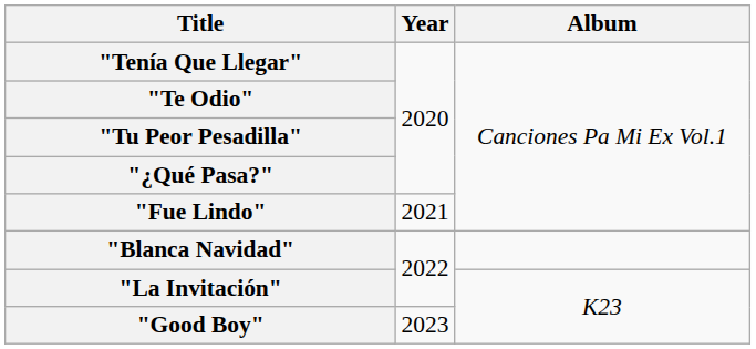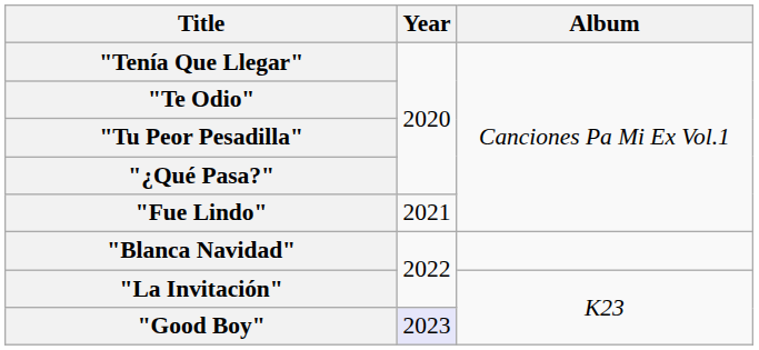 <table class="wikitable plainrowheaders" style="text-align:center;">
 <tr>
 <th scope="col" style="width:16em;">Title</th>
 <th scope="col" style="width:1em;">Year</th>
 <th scope="col" style="width:12em;">Album</th>
 </tr>
 <tr>
 <th scope="row">"Tenía Que Llegar"</th>
 <td rowspan="4">2020</td>
 <td rowspan="5"><em>Canciones Pa Mi Ex Vol.1</em></td>
 </tr>
 <tr>
 <th scope="row">"Te Odio"</th>
 </tr>
 <tr>
 <th scope="row">"Tu Peor Pesadilla"</th>
 </tr>
 <tr>
 <th scope="row">"¿Qué Pasa?" </th>
 </tr>
 <tr>
 <th scope="row">"Fue Lindo"</th>
 <td>2021</td>
 </tr>
 <tr>
 <th scope="row">"Blanca Navidad"</th>
 <td rowspan="2">2022</td>
 <td></td>
 </tr>
 <tr>
 <th scope="row">"La Invitación"</th>
 <td rowspan="2"><em>K23</em></td>
 </tr>
 <tr>
 <th scope="row">"Good Boy"</th>
-<td>2023</td>
+<td style="background: lavender;">2023</td>
 </tr>
 </table>
